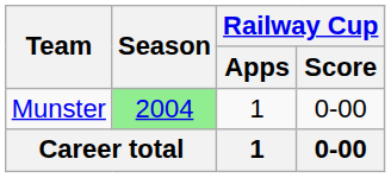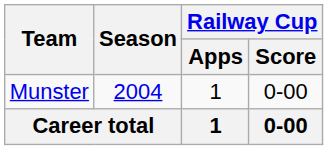 <table class="wikitable" style="text-align:center">
 <tr>
 <th rowspan="2">Team</th>
 <th rowspan="2">Season</th>
 <th colspan="2"><a href='#'>Railway Cup</a></th>
 </tr>
 <tr>
 <th>Apps</th>
 <th>Score</th>
 </tr>
 <tr>
 <td rowspan="1"><a href='#'>Munster</a></td>
-<td style="background: lightgreen;"><a href='#'>2004</a></td>
+<td><a href='#'>2004</a></td>
 <td>1</td>
 <td>0-00</td>
 </tr>
 <tr>
 <th colspan="2">Career total</th>
 <th>1</th>
 <th>0-00</th>
 </tr>
 </table>
